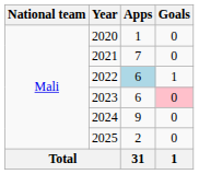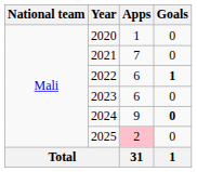 <table class="wikitable" style="text-align:center">
 <tr>
 <th>National team</th>
 <th>Year</th>
 <th>Apps</th>
 <th>Goals</th>
 </tr>
 <tr>
 <td rowspan="6"><a href='#'>Mali</a></td>
 <td>2020</td>
 <td>1</td>
 <td>0</td>
 </tr>
 <tr>
 <td>2021</td>
 <td>7</td>
 <td>0</td>
 </tr>
 <tr>
 <td>2022</td>
-<td style="background: lightblue;">6</td>
-<td>1</td>
+<td>6</td>
+<td><strong>1</strong></td>
 </tr>
 <tr>
 <td>2023</td>
 <td>6</td>
-<td style="background: pink;">0</td>
+<td>0</td>
 </tr>
 <tr>
 <td>2024</td>
 <td>9</td>
-<td>0</td>
+<td><strong>0</strong></td>
 </tr>
 <tr>
 <td>2025</td>
-<td>2</td>
+<td style="background: pink;">2</td>
 <td>0</td>
 </tr>
 <tr>
 <th colspan="2">Total</th>
 <th>31</th>
 <th>1</th>
 </tr>
 </table>
